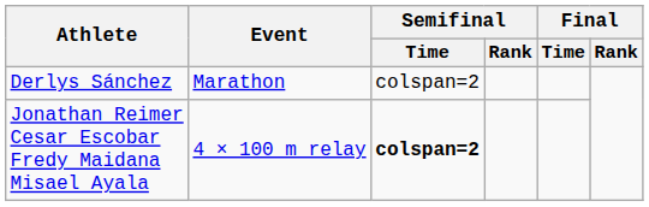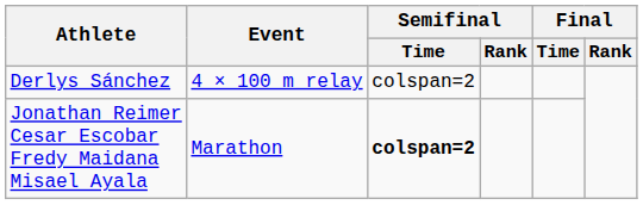 <table class=wikitable style=font-size:90%;text-align:center>
 <tr>
 <th rowspan=2>Athlete</th>
 <th rowspan=2>Event</th>
 <th colspan=2>Semifinal</th>
 <th colspan=2>Final</th>
 </tr>
 <tr style=font-size:95%>
 <th>Time</th>
 <th>Rank</th>
 <th>Time</th>
 <th>Rank</th>
 </tr>
 <tr>
 <td align=left><a href='#'>Derlys Sánchez</a></td>
-<td align=left><a href='#'>Marathon</a></td>
+<td align=left><a href='#'>4 × 100 m relay</a></td>
 <td>colspan=2 </td>
 <td></td>
 <td></td>
 </tr>
 <tr>
 <td align=left><a href='#'>Jonathan Reimer</a><br><a href='#'>Cesar Escobar</a><br><a href='#'>Fredy Maidana</a><br><a href='#'>Misael Ayala</a></td>
-<td align=left><a href='#'>4 × 100 m relay</a></td>
+<td align=left><a href='#'>Marathon</a></td>
 <td><strong>colspan=2 </strong></td>
 <td></td>
 <td></td>
 </tr>
 </table>
